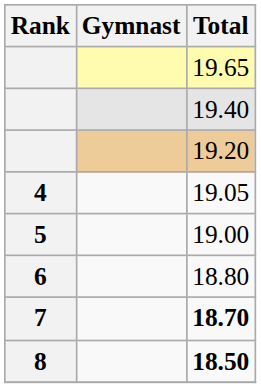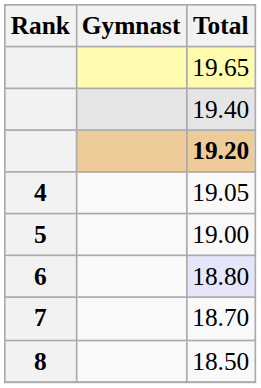 <table class="wikitable sortable" style="text-align:center; font-size:95%">
 <tr>
 <th scope=col>Rank</th>
 <th scope=col>Gymnast</th>
 <th scope=col>Total</th>
 </tr>
 <tr bgcolor=fffcaf>
 <th scope=row style="text-align:center"></th>
 <td align=left></td>
 <td>19.65</td>
 </tr>
 <tr bgcolor=e5e5e5>
 <th scope=row style="text-align:center"></th>
 <td align=left></td>
 <td>19.40</td>
 </tr>
 <tr bgcolor=eecc99>
 <th scope=row style="text-align:center"></th>
 <td align=left></td>
-<td>19.20</td>
+<td><strong>19.20</strong></td>
 </tr>
 <tr>
 <th scope=row style="text-align:center">4</th>
 <td align=left></td>
 <td>19.05</td>
 </tr>
 <tr>
 <th scope=row style="text-align:center">5</th>
 <td align=left></td>
 <td>19.00</td>
 </tr>
 <tr>
 <th scope=row style="text-align:center">6</th>
 <td align=left></td>
-<td>18.80</td>
+<td style="background: lavender;">18.80</td>
 </tr>
 <tr>
 <th scope=row style="text-align:center">7</th>
 <td align=left></td>
-<td><strong>18.70</strong></td>
+<td>18.70</td>
 </tr>
 <tr>
 <th scope=row style="text-align:center">8</th>
 <td align=left></td>
-<td><strong>18.50</strong></td>
+<td>18.50</td>
 </tr>
 <tr>
 </tr>
 </table>
